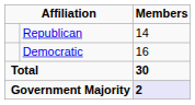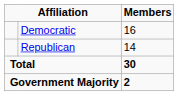 <table class="wikitable">
 <tr>
 <td colspan="2" rowspan="1" align="center" valign="top"><strong>Affiliation</strong></td>
 <td style="vertical-align:top;"><strong>Members</strong></td>
 </tr>
 <tr>
 <td style="background-color:"> </td>
-<td><a href='#'>Republican</a></td>
-<td>14</td>
+<td><a href='#'>Democratic</a></td>
+<td>16</td>
 </tr>
 <tr>
 <td style="background-color:"> </td>
-<td><a href='#'>Democratic</a></td>
-<td>16</td>
+<td><a href='#'>Republican</a></td>
+<td>14</td>
 </tr>
 <tr>
 <td colspan="2" rowspan="1"> <strong>Total</strong></td>
 <td><strong>30</strong></td>
 </tr>
 <tr>
 <td colspan="2" rowspan="1"> <strong>Government Majority</strong></td>
-<td style="background: lavender;"><strong>2</strong></td>
+<td><strong>2</strong></td>
 </tr>
 </table>
